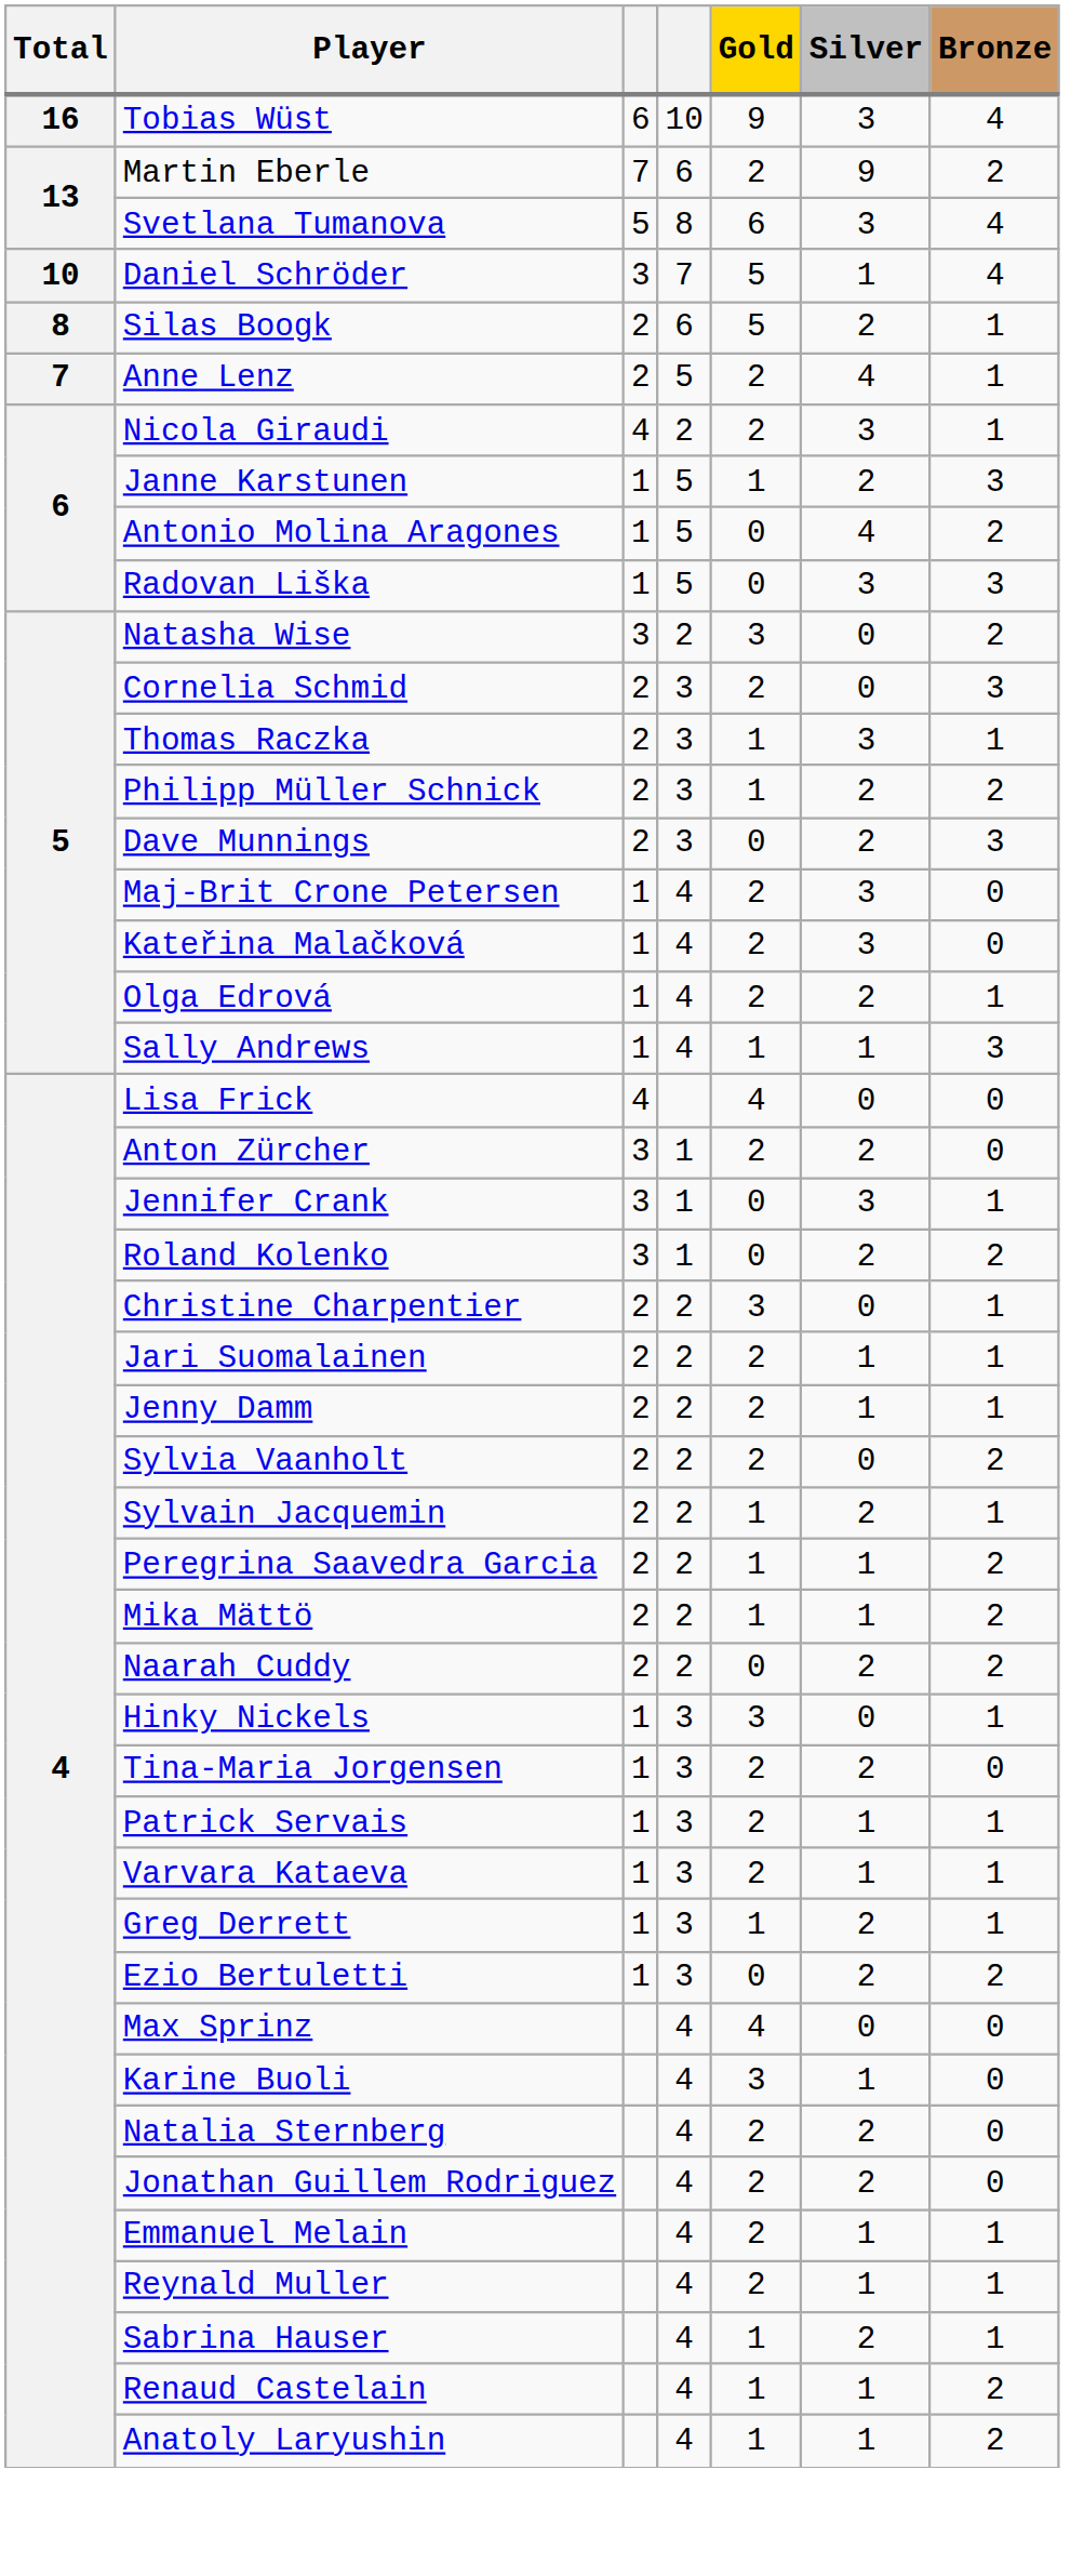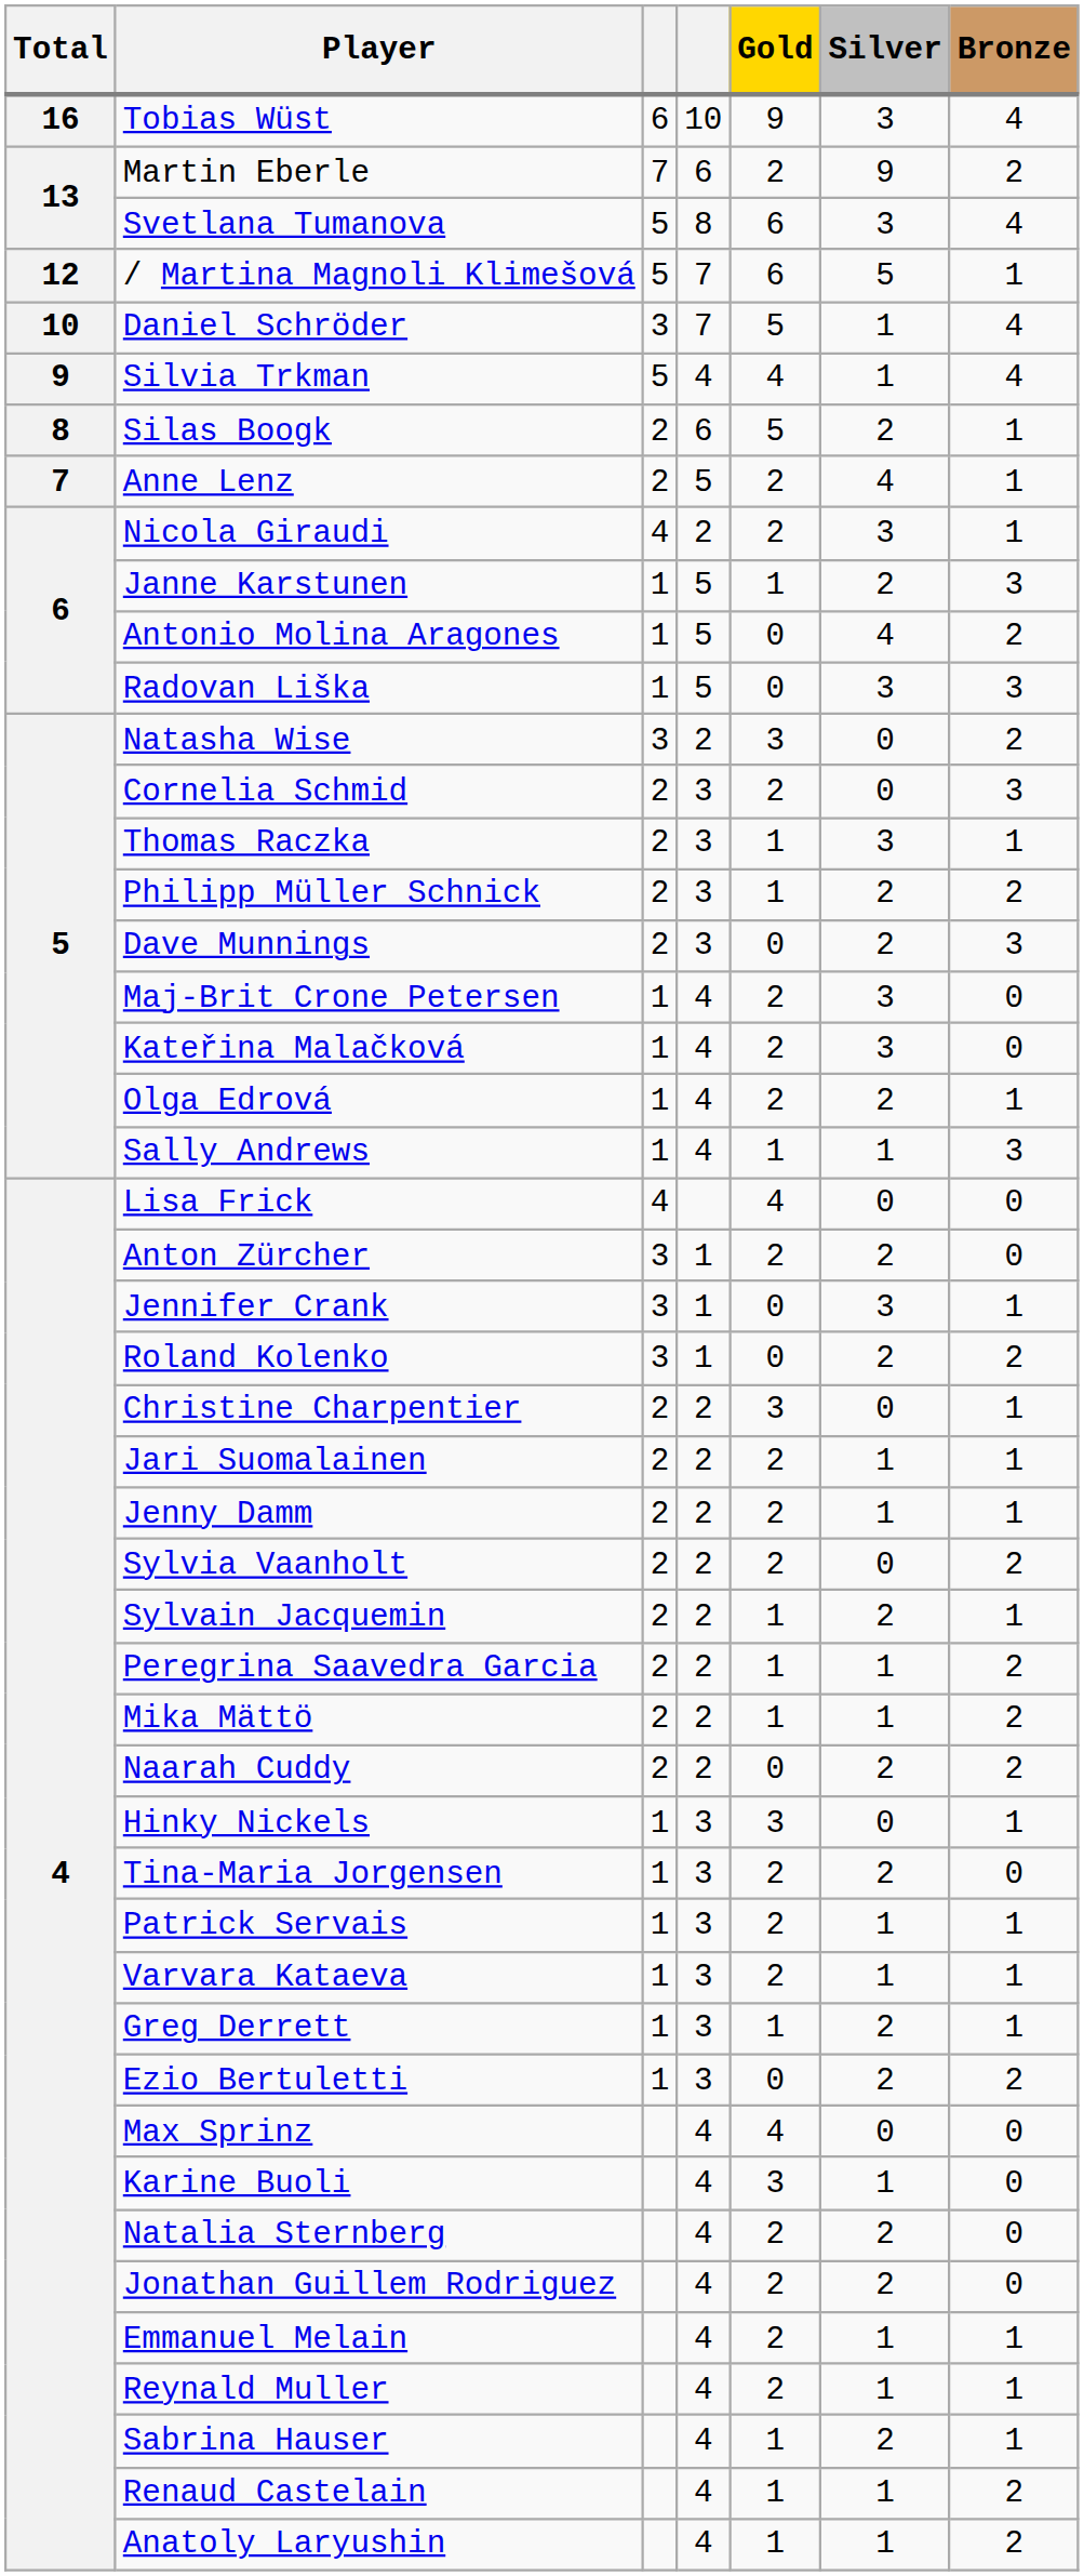 <table class="wikitable sortable mw-datatable sticky-table-row1 sort-under-center" style="text-align: center;">
 <tr style="height: 2.8em; border-bottom: 2px solid gray;">
 <th>Total</th>
 <th class="unsortable">Player</th>
 <th></th>
 <th></th>
 <th style="background-color:gold;">Gold</th>
 <th style="background-color:silver;">Silver</th>
 <th style="background-color:#cc9966;">Bronze</th>
 </tr>
 <tr>
 <th scope="row" style="text-align: center;">16</th>
 <td style="text-align:left;"> <a href='#'>Tobias Wüst</a></td>
 <td>6</td>
 <td>10</td>
 <td>9</td>
 <td>3</td>
 <td>4</td>
 </tr>
 <tr>
 <th scope="row" rowspan="2" style="text-align: center;">13</th>
 <td style="text-align:left;"> Martin Eberle</td>
 <td>7</td>
 <td>6</td>
 <td>2</td>
 <td>9</td>
 <td>2</td>
 </tr>
 <tr>
 <td style="text-align:left;"> <a href='#'>Svetlana Tumanova</a></td>
 <td>5</td>
 <td>8</td>
 <td>6</td>
 <td>3</td>
 <td>4</td>
 </tr>
 <tr>
+<th scope="row" style="text-align: center;">12</th>
+<td style="text-align:left;">/ <a href='#'>Martina Magnoli Klimešová</a></td>
+<td>5</td>
+<td>7</td>
+<td>6</td>
+<td>5</td>
+<td>1</td>
+</tr>
+<tr>
 <th scope="row" style="text-align: center;">10</th>
 <td style="text-align:left;"> <a href='#'>Daniel Schröder</a></td>
 <td>3</td>
 <td>7</td>
 <td>5</td>
+<td>1</td>
+<td>4</td>
+</tr>
+<tr>
+<th scope="row" style="text-align: center;">9</th>
+<td style="text-align:left;"> <a href='#'>Silvia Trkman</a></td>
+<td>5</td>
+<td>4</td>
+<td>4</td>
 <td>1</td>
 <td>4</td>
 </tr>
 <tr>
 <th scope="row" style="text-align: center;">8</th>
 <td style="text-align:left;"> <a href='#'>Silas Boogk</a></td>
 <td>2</td>
 <td>6</td>
 <td>5</td>
 <td>2</td>
 <td>1</td>
 </tr>
 <tr>
 <th scope="row" style="text-align: center;">7</th>
 <td style="text-align:left;"> <a href='#'>Anne Lenz</a></td>
 <td>2</td>
 <td>5</td>
 <td>2</td>
 <td>4</td>
 <td>1</td>
 </tr>
 <tr>
 <th scope="row" rowspan="4" style="text-align: center;">6</th>
 <td style="text-align:left;"> <a href='#'>Nicola Giraudi</a></td>
 <td>4</td>
 <td>2</td>
 <td>2</td>
 <td>3</td>
 <td>1</td>
 </tr>
 <tr>
 <td style="text-align:left;"> <a href='#'>Janne Karstunen</a></td>
 <td>1</td>
 <td>5</td>
 <td>1</td>
 <td>2</td>
 <td>3</td>
 </tr>
 <tr>
 <td style="text-align:left;"> <a href='#'>Antonio Molina Aragones</a></td>
 <td>1</td>
 <td>5</td>
 <td>0</td>
 <td>4</td>
 <td>2</td>
 </tr>
 <tr>
 <td style="text-align:left;"> <a href='#'>Radovan Liška</a></td>
 <td>1</td>
 <td>5</td>
 <td>0</td>
 <td>3</td>
 <td>3</td>
 </tr>
 <tr>
 <th scope="row" rowspan="9" style="text-align: center;">5</th>
 <td style="text-align:left;"> <a href='#'>Natasha Wise</a></td>
 <td>3</td>
 <td>2</td>
 <td>3</td>
 <td>0</td>
 <td>2</td>
 </tr>
 <tr>
 <td style="text-align:left;"> <a href='#'>Cornelia Schmid</a></td>
 <td>2</td>
 <td>3</td>
 <td>2</td>
 <td>0</td>
 <td>3</td>
 </tr>
 <tr>
 <td style="text-align:left;"> <a href='#'>Thomas Raczka</a></td>
 <td>2</td>
 <td>3</td>
 <td>1</td>
 <td>3</td>
 <td>1</td>
 </tr>
 <tr>
 <td style="text-align:left;"> <a href='#'>Philipp Müller Schnick</a></td>
 <td>2</td>
 <td>3</td>
 <td>1</td>
 <td>2</td>
 <td>2</td>
 </tr>
 <tr>
 <td style="text-align:left;"> <a href='#'>Dave Munnings</a></td>
 <td>2</td>
 <td>3</td>
 <td>0</td>
 <td>2</td>
 <td>3</td>
 </tr>
 <tr>
 <td style="text-align:left;"> <a href='#'>Maj-Brit Crone Petersen</a></td>
 <td>1</td>
 <td>4</td>
 <td>2</td>
 <td>3</td>
 <td>0</td>
 </tr>
 <tr>
 <td style="text-align:left;"> <a href='#'>Kateřina Malačková</a></td>
 <td>1</td>
 <td>4</td>
 <td>2</td>
 <td>3</td>
 <td>0</td>
 </tr>
 <tr>
 <td style="text-align:left;"> <a href='#'>Olga Edrová</a></td>
 <td>1</td>
 <td>4</td>
 <td>2</td>
 <td>2</td>
 <td>1</td>
 </tr>
 <tr>
 <td style="text-align:left;"> <a href='#'>Sally Andrews</a></td>
 <td>1</td>
 <td>4</td>
 <td>1</td>
 <td>1</td>
 <td>3</td>
 </tr>
 <tr>
 <th scope="row" rowspan="28" style="text-align: center;">4</th>
 <td style="text-align:left;"> <a href='#'>Lisa Frick</a></td>
 <td>4</td>
 <td></td>
 <td>4</td>
 <td>0</td>
 <td>0</td>
 </tr>
 <tr>
 <td style="text-align:left;"> <a href='#'>Anton Zürcher</a></td>
 <td>3</td>
 <td>1</td>
 <td>2</td>
 <td>2</td>
 <td>0</td>
 </tr>
 <tr>
 <td style="text-align:left;"> <a href='#'>Jennifer Crank</a></td>
 <td>3</td>
 <td>1</td>
 <td>0</td>
 <td>3</td>
 <td>1</td>
 </tr>
 <tr>
 <td style="text-align:left;"> <a href='#'>Roland Kolenko</a></td>
 <td>3</td>
 <td>1</td>
 <td>0</td>
 <td>2</td>
 <td>2</td>
 </tr>
 <tr>
 <td style="text-align:left;"> <a href='#'>Christine Charpentier</a></td>
 <td>2</td>
 <td>2</td>
 <td>3</td>
 <td>0</td>
 <td>1</td>
 </tr>
 <tr>
 <td style="text-align:left;"> <a href='#'>Jari Suomalainen</a></td>
 <td>2</td>
 <td>2</td>
 <td>2</td>
 <td>1</td>
 <td>1</td>
 </tr>
 <tr>
 <td style="text-align:left;"> <a href='#'>Jenny Damm</a></td>
 <td>2</td>
 <td>2</td>
 <td>2</td>
 <td>1</td>
 <td>1</td>
 </tr>
 <tr>
 <td style="text-align:left;"> <a href='#'>Sylvia Vaanholt</a></td>
 <td>2</td>
 <td>2</td>
 <td>2</td>
 <td>0</td>
 <td>2</td>
 </tr>
 <tr>
 <td style="text-align:left;"> <a href='#'>Sylvain Jacquemin</a></td>
 <td>2</td>
 <td>2</td>
 <td>1</td>
 <td>2</td>
 <td>1</td>
 </tr>
 <tr>
 <td style="text-align:left;"> <a href='#'>Peregrina Saavedra Garcia</a></td>
 <td>2</td>
 <td>2</td>
 <td>1</td>
 <td>1</td>
 <td>2</td>
 </tr>
 <tr>
 <td style="text-align:left;"> <a href='#'>Mika Mättö</a></td>
 <td>2</td>
 <td>2</td>
 <td>1</td>
 <td>1</td>
 <td>2</td>
 </tr>
 <tr>
 <td style="text-align:left;"> <a href='#'>Naarah Cuddy</a></td>
 <td>2</td>
 <td>2</td>
 <td>0</td>
 <td>2</td>
 <td>2</td>
 </tr>
 <tr>
 <td style="text-align:left;"> <a href='#'>Hinky Nickels</a></td>
 <td>1</td>
 <td>3</td>
 <td>3</td>
 <td>0</td>
 <td>1</td>
 </tr>
 <tr>
 <td style="text-align:left;"> <a href='#'>Tina-Maria Jorgensen</a></td>
 <td>1</td>
 <td>3</td>
 <td>2</td>
 <td>2</td>
 <td>0</td>
 </tr>
 <tr>
 <td style="text-align:left;"> <a href='#'>Patrick Servais</a></td>
 <td>1</td>
 <td>3</td>
 <td>2</td>
 <td>1</td>
 <td>1</td>
 </tr>
 <tr>
 <td style="text-align:left;"> <a href='#'>Varvara Kataeva</a></td>
 <td>1</td>
 <td>3</td>
 <td>2</td>
 <td>1</td>
 <td>1</td>
 </tr>
 <tr>
 <td style="text-align:left;"> <a href='#'>Greg Derrett</a></td>
 <td>1</td>
 <td>3</td>
 <td>1</td>
 <td>2</td>
 <td>1</td>
 </tr>
 <tr>
 <td style="text-align:left;"> <a href='#'>Ezio Bertuletti</a></td>
 <td>1</td>
 <td>3</td>
 <td>0</td>
 <td>2</td>
 <td>2</td>
 </tr>
 <tr>
 <td style="text-align:left;"> <a href='#'>Max Sprinz</a></td>
 <td></td>
 <td>4</td>
 <td>4</td>
 <td>0</td>
 <td>0</td>
 </tr>
 <tr>
 <td style="text-align:left;"> <a href='#'>Karine Buoli</a></td>
 <td></td>
 <td>4</td>
 <td>3</td>
 <td>1</td>
 <td>0</td>
 </tr>
 <tr>
 <td style="text-align:left;"> <a href='#'>Natalia Sternberg</a></td>
 <td></td>
 <td>4</td>
 <td>2</td>
 <td>2</td>
 <td>0</td>
 </tr>
 <tr>
 <td style="text-align:left;"> <a href='#'>Jonathan Guillem Rodriguez</a></td>
 <td></td>
 <td>4</td>
 <td>2</td>
 <td>2</td>
 <td>0</td>
 </tr>
 <tr>
 <td style="text-align:left;"> <a href='#'>Emmanuel Melain</a></td>
 <td></td>
 <td>4</td>
 <td>2</td>
 <td>1</td>
 <td>1</td>
 </tr>
 <tr>
 <td style="text-align:left;"> <a href='#'>Reynald Muller</a></td>
 <td></td>
 <td>4</td>
 <td>2</td>
 <td>1</td>
 <td>1</td>
 </tr>
 <tr>
 <td style="text-align:left;"> <a href='#'>Sabrina Hauser</a></td>
 <td></td>
 <td>4</td>
 <td>1</td>
 <td>2</td>
 <td>1</td>
 </tr>
 <tr>
 <td style="text-align:left;"> <a href='#'>Renaud Castelain</a></td>
 <td></td>
 <td>4</td>
 <td>1</td>
 <td>1</td>
 <td>2</td>
 </tr>
 <tr>
 <td style="text-align:left;"> <a href='#'>Anatoly Laryushin</a></td>
 <td></td>
 <td>4</td>
 <td>1</td>
 <td>1</td>
 <td>2</td>
 </tr>
 </table>
